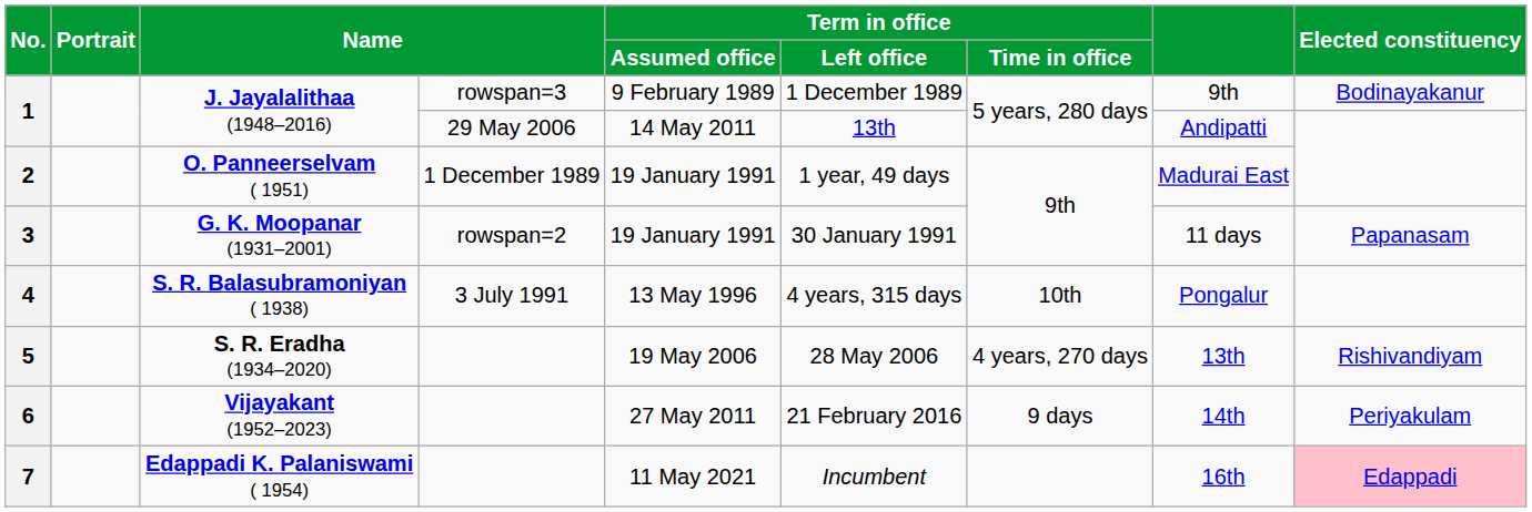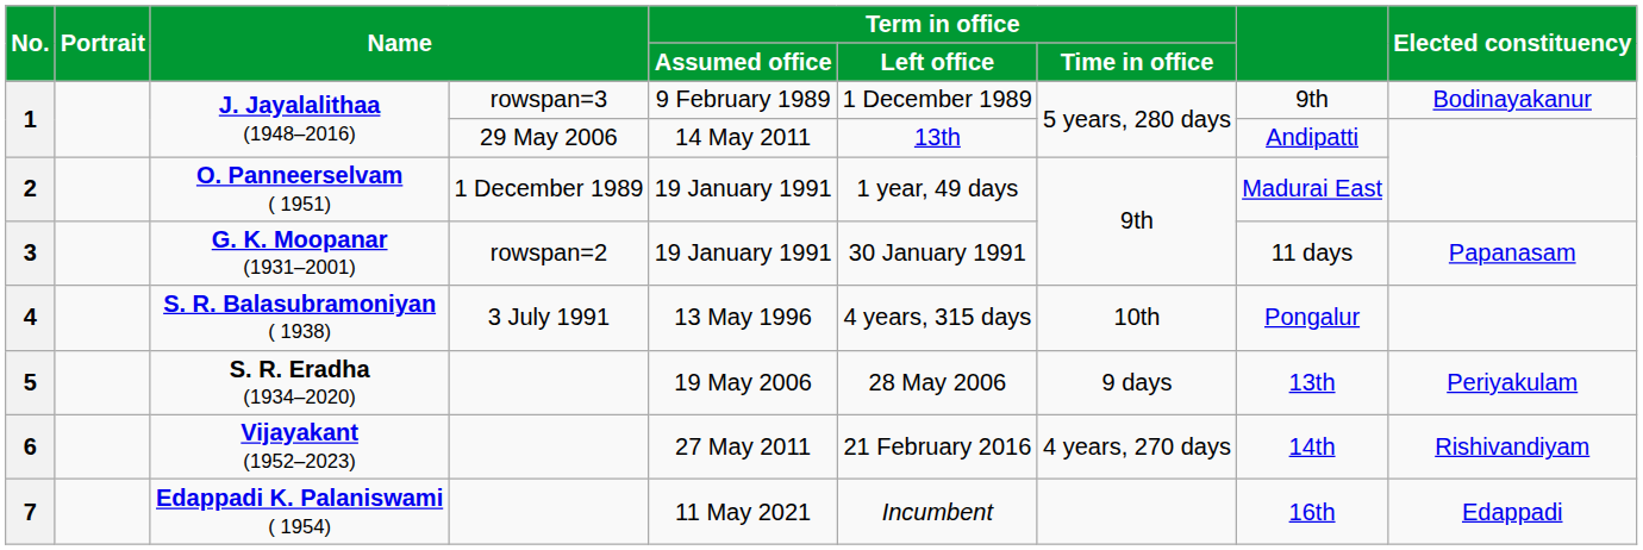 <table class="wikitable sortable" style="text-align:center;">
 <tr>
 <th rowspan=2 style="background-color:#009933;color:white">No.</th>
 <th rowspan=2 style="background-color:#009933;color:white">Portrait</th>
 <th rowspan=2 colspan=2 style="background-color:#009933;color:white">Name<br></th>
 <th colspan=3 style="background-color:#009933;color:white">Term in office</th>
 <th rowspan=2 style="background-color:#009933;color:white"><a href='#'></a><br></th>
 <th rowspan=2 style="background-color:#009933;color:white">Elected constituency</th>
 </tr>
 <tr>
 <th style="background-color:#009933;color:white">Assumed office</th>
 <th style="background-color:#009933;color:white">Left office</th>
 <th style="background-color:#009933;color:white">Time in office</th>
 </tr>
 <tr>
 <th rowspan=2>1</th>
 <td rowspan=2></td>
 <td rowspan=2><strong><a href='#'>J. Jayalalithaa</a></strong><br><small>(1948–2016)</small></td>
 <td>rowspan=3 </td>
 <td>9 February 1989</td>
 <td>1 December 1989</td>
 <td rowspan=2>5 years, 280 days</td>
 <td>9th<br></td>
 <td><a href='#'>Bodinayakanur</a></td>
 </tr>
 <tr>
 <td>29 May 2006</td>
 <td>14 May 2011</td>
 <td><a href='#'>13th</a><br></td>
 <td><a href='#'>Andipatti</a></td>
 </tr>
 <tr>
 <th>2</th>
 <td></td>
 <td><strong><a href='#'>O. Panneerselvam</a></strong><br><small>( 1951)</small></td>
 <td>1 December 1989</td>
 <td>19 January 1991</td>
 <td>1 year, 49 days</td>
 <td rowspan=2>9th<br></td>
 <td><a href='#'>Madurai East</a></td>
 </tr>
 <tr>
 <th>3</th>
 <td></td>
 <td><strong><a href='#'>G. K. Moopanar</a></strong><br><small>(1931–2001)</small></td>
 <td>rowspan=2 </td>
 <td>19 January 1991</td>
 <td>30 January 1991</td>
 <td>11 days</td>
 <td><a href='#'>Papanasam</a></td>
 </tr>
 <tr>
 <th>4</th>
 <td></td>
 <td><strong><a href='#'>S. R. Balasubramoniyan</a></strong><br><small>( 1938)</small></td>
 <td>3 July 1991</td>
 <td>13 May 1996</td>
 <td>4 years, 315 days</td>
 <td>10th<br></td>
 <td><a href='#'>Pongalur</a></td>
 </tr>
 <tr>
 <th>5</th>
 <td></td>
 <td><strong>S. R. Eradha</strong><br><small>(1934–2020)</small></td>
 <td></td>
 <td>19 May 2006</td>
 <td>28 May 2006</td>
-<td>4 years, 270 days</td>
+<td>9 days</td>
 <td><a href='#'>13th</a><br></td>
-<td><a href='#'>Rishivandiyam</a></td>
+<td><a href='#'>Periyakulam</a></td>
 </tr>
 <tr>
 <th>6</th>
 <td></td>
 <td><strong><a href='#'>Vijayakant</a></strong><br><small>(1952–2023)</small></td>
 <td></td>
 <td>27 May 2011</td>
 <td>21 February 2016</td>
-<td>9 days</td>
+<td>4 years, 270 days</td>
 <td><a href='#'>14th</a><br></td>
-<td><a href='#'>Periyakulam</a></td>
+<td><a href='#'>Rishivandiyam</a></td>
 </tr>
 <tr>
 <th>7</th>
 <td></td>
 <td><strong><a href='#'>Edappadi K. Palaniswami</a></strong><br><small>( 1954)</small></td>
 <td></td>
 <td>11 May 2021</td>
 <td><em>Incumbent</em></td>
 <td></td>
 <td><a href='#'>16th</a><br></td>
-<td style="background: pink;"><a href='#'>Edappadi</a></td>
+<td><a href='#'>Edappadi</a></td>
 </tr>
 </table>
